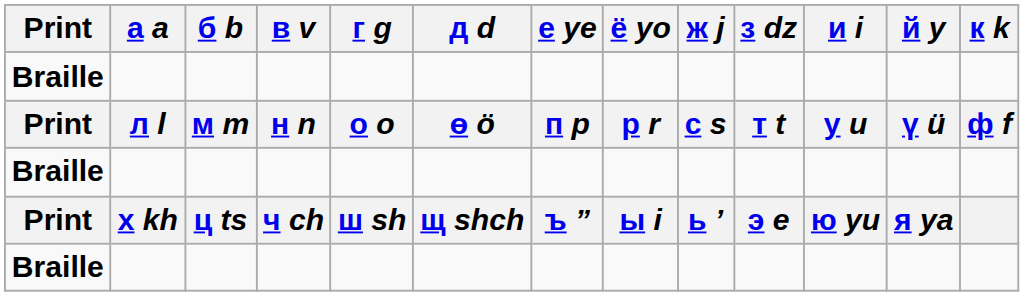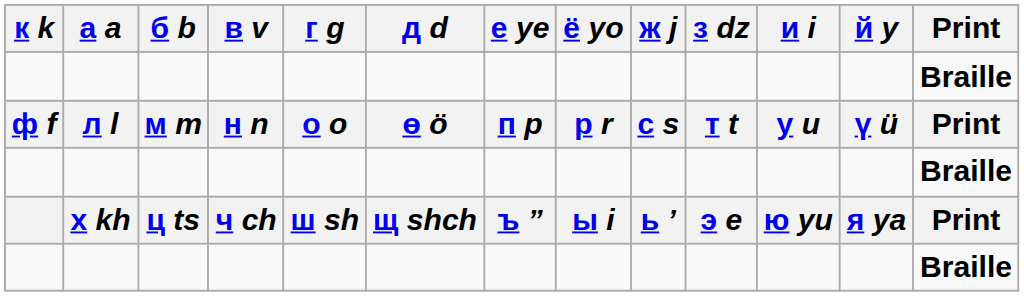 <table class="wikitable" style="text-align:center">
 <tr>
-<th><strong>Print</strong></th>
+<th><a href='#'>к</a> <em>k</em></th>
 <th><a href='#'>а</a> <em>a</em></th>
 <th><a href='#'>б</a> <em>b</em></th>
 <th><a href='#'>в</a> <em>v</em></th>
 <th><a href='#'>г</a> <em>g</em></th>
 <th><a href='#'>д</a> <em>d</em></th>
 <th><a href='#'>е</a> <em>ye</em></th>
 <th><a href='#'>ё</a> <em>yo</em></th>
 <th><a href='#'>ж</a> <em>j</em></th>
 <th><a href='#'>з</a> <em>dz</em></th>
 <th><a href='#'>и</a> <em>i</em></th>
 <th><a href='#'>й</a> <em>y</em></th>
-<th><a href='#'>к</a> <em>k</em></th>
+<th><strong>Print</strong></th>
 </tr>
 <tr>
-<td><strong>Braille</strong></td>
 <td></td>
 <td></td>
 <td></td>
 <td></td>
 <td></td>
 <td></td>
 <td></td>
 <td></td>
 <td></td>
 <td></td>
 <td></td>
 <td></td>
+<td><strong>Braille</strong></td>
 </tr>
 <tr>
-<th><strong>Print</strong></th>
+<th><a href='#'>ф</a> <em>f</em></th>
 <th><a href='#'>л</a> <em>l</em></th>
 <th><a href='#'>м</a> <em>m</em></th>
 <th><a href='#'>н</a> <em>n</em></th>
 <th><a href='#'>о</a> <em>o</em></th>
 <th><a href='#'>ө</a> <em>ö</em></th>
 <th><a href='#'>п</a> <em>p</em></th>
 <th><a href='#'>р</a> <em>r</em></th>
 <th><a href='#'>с</a> <em>s</em></th>
 <th><a href='#'>т</a> <em>t</em></th>
 <th><a href='#'>у</a> <em>u</em></th>
 <th><a href='#'>ү</a> <em>ü</em></th>
-<th><a href='#'>ф</a> <em>f</em></th>
+<th><strong>Print</strong></th>
 </tr>
 <tr>
-<td><strong>Braille</strong></td>
 <td></td>
 <td></td>
 <td></td>
 <td></td>
 <td></td>
 <td></td>
 <td></td>
 <td></td>
 <td></td>
 <td></td>
 <td></td>
 <td></td>
+<td><strong>Braille</strong></td>
 </tr>
 <tr>
-<th><strong>Print</strong></th>
+<th> </th>
 <th><a href='#'>х</a> <em>kh</em></th>
 <th><a href='#'>ц</a> <em>ts</em></th>
 <th><a href='#'>ч</a> <em>ch</em></th>
 <th><a href='#'>ш</a> <em>sh</em></th>
 <th><a href='#'>щ</a> <em>shch</em></th>
 <th><a href='#'>ъ</a> <em>”</em></th>
 <th><a href='#'>ы</a> <em>i</em></th>
 <th><a href='#'>ь</a> <em>’</em></th>
 <th><a href='#'>э</a> <em>e</em></th>
 <th><a href='#'>ю</a> <em>yu</em></th>
 <th><a href='#'>я</a> <em>ya</em></th>
-<th> </th>
+<th><strong>Print</strong></th>
 </tr>
 <tr>
-<td><strong>Braille</strong></td>
 <td></td>
 <td></td>
 <td></td>
 <td></td>
 <td></td>
 <td></td>
 <td></td>
 <td></td>
 <td></td>
 <td></td>
 <td></td>
 <td></td>
+<td><strong>Braille</strong></td>
 </tr>
 </table>
